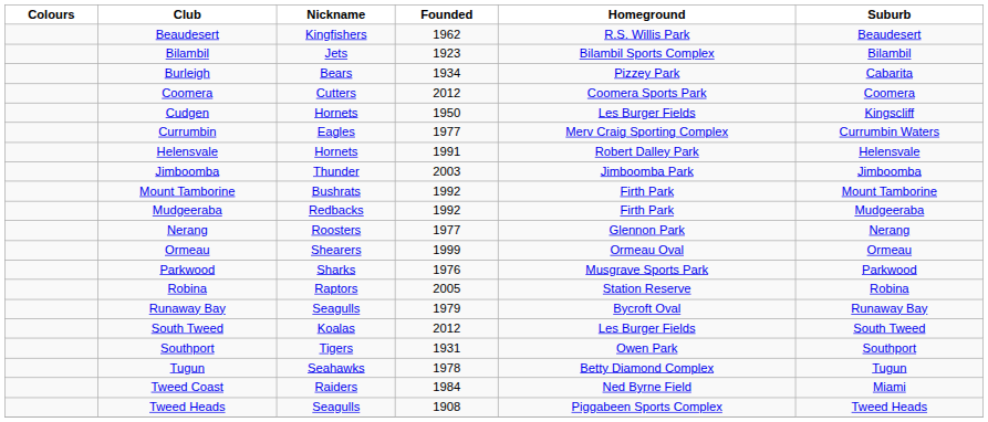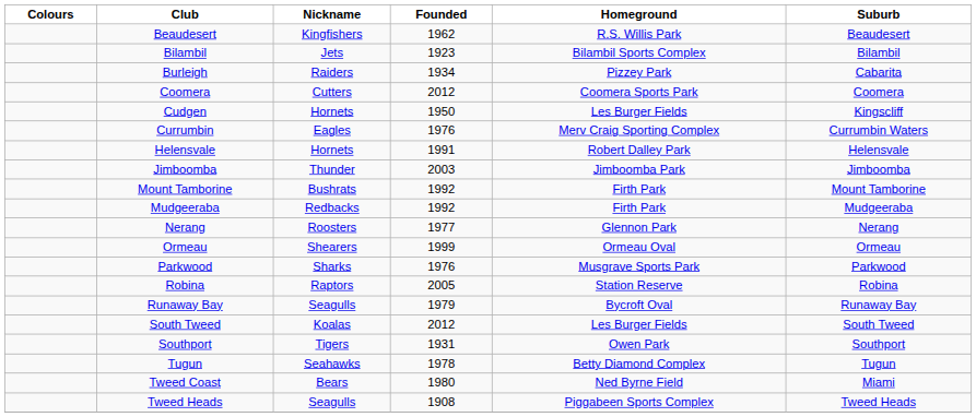 <table class="wikitable" style="width:100%; text-align:center">
 <tr>
 <th style="background:white;">Colours</th>
 <th style="background:white;">Club</th>
 <th style="background:white;">Nickname</th>
 <th style="background:white;">Founded</th>
 <th style="background:white;">Homeground</th>
 <th style="background:white;">Suburb</th>
 </tr>
 <tr>
 <td align=left></td>
 <td><a href='#'>Beaudesert</a></td>
 <td><a href='#'>Kingfishers</a></td>
 <td>1962</td>
 <td><a href='#'>R.S. Willis Park</a></td>
 <td><a href='#'>Beaudesert</a></td>
 </tr>
 <tr>
 <td align=left></td>
 <td><a href='#'>Bilambil</a></td>
 <td><a href='#'>Jets</a></td>
 <td>1923</td>
 <td><a href='#'>Bilambil Sports Complex</a></td>
 <td><a href='#'>Bilambil</a></td>
 </tr>
 <tr>
 <td align=left></td>
 <td><a href='#'>Burleigh</a></td>
-<td><a href='#'>Bears</a></td>
+<td><a href='#'>Raiders</a></td>
 <td>1934</td>
 <td><a href='#'>Pizzey Park</a></td>
 <td><a href='#'>Cabarita</a></td>
 </tr>
 <tr>
 <td align=left></td>
 <td><a href='#'>Coomera</a></td>
 <td><a href='#'>Cutters</a></td>
 <td>2012</td>
 <td><a href='#'>Coomera Sports Park</a></td>
 <td><a href='#'>Coomera</a></td>
 </tr>
 <tr>
 <td align=left></td>
 <td><a href='#'>Cudgen</a></td>
 <td><a href='#'>Hornets</a></td>
 <td>1950</td>
 <td><a href='#'>Les Burger Fields</a></td>
 <td><a href='#'>Kingscliff</a></td>
 </tr>
 <tr>
 <td align=left></td>
 <td><a href='#'>Currumbin</a></td>
 <td><a href='#'>Eagles</a></td>
-<td>1977</td>
+<td>1976</td>
 <td><a href='#'>Merv Craig Sporting Complex</a></td>
 <td><a href='#'>Currumbin Waters</a></td>
 </tr>
 <tr>
 <td align=left></td>
 <td><a href='#'>Helensvale</a></td>
 <td><a href='#'>Hornets</a></td>
 <td>1991</td>
 <td><a href='#'>Robert Dalley Park</a></td>
 <td><a href='#'>Helensvale</a></td>
 </tr>
 <tr>
 <td align=left></td>
 <td><a href='#'>Jimboomba</a></td>
 <td><a href='#'>Thunder</a></td>
 <td>2003</td>
 <td><a href='#'>Jimboomba Park</a></td>
 <td><a href='#'>Jimboomba</a></td>
 </tr>
 <tr>
 <td align=left></td>
 <td><a href='#'>Mount Tamborine</a></td>
 <td><a href='#'>Bushrats</a></td>
 <td>1992</td>
 <td><a href='#'>Firth Park</a></td>
 <td><a href='#'>Mount Tamborine</a></td>
 </tr>
 <tr>
 <td align=left></td>
 <td><a href='#'>Mudgeeraba</a></td>
 <td><a href='#'>Redbacks</a></td>
 <td>1992</td>
 <td><a href='#'>Firth Park</a></td>
 <td><a href='#'>Mudgeeraba</a></td>
 </tr>
 <tr>
 <td align=left></td>
 <td><a href='#'>Nerang</a></td>
 <td><a href='#'>Roosters</a></td>
 <td>1977</td>
 <td><a href='#'>Glennon Park</a></td>
 <td><a href='#'>Nerang</a></td>
 </tr>
 <tr>
 <td align=left></td>
 <td><a href='#'>Ormeau</a></td>
 <td><a href='#'>Shearers</a></td>
 <td>1999</td>
 <td><a href='#'>Ormeau Oval</a></td>
 <td><a href='#'>Ormeau</a></td>
 </tr>
 <tr>
 <td align=left></td>
 <td><a href='#'>Parkwood</a></td>
 <td><a href='#'>Sharks</a></td>
 <td>1976</td>
 <td><a href='#'>Musgrave Sports Park</a></td>
 <td><a href='#'>Parkwood</a></td>
 </tr>
 <tr>
 <td align=left></td>
 <td><a href='#'>Robina</a></td>
 <td><a href='#'>Raptors</a></td>
 <td>2005</td>
 <td><a href='#'>Station Reserve</a></td>
 <td><a href='#'>Robina</a></td>
 </tr>
 <tr>
 <td align=left></td>
 <td><a href='#'>Runaway Bay</a></td>
 <td><a href='#'>Seagulls</a></td>
 <td>1979</td>
 <td><a href='#'>Bycroft Oval</a></td>
 <td><a href='#'>Runaway Bay</a></td>
 </tr>
 <tr>
 <td align=left></td>
 <td><a href='#'>South Tweed</a></td>
 <td><a href='#'>Koalas</a></td>
 <td>2012</td>
 <td><a href='#'>Les Burger Fields</a></td>
 <td><a href='#'>South Tweed</a></td>
 </tr>
 <tr>
 <td align=left></td>
 <td><a href='#'>Southport</a></td>
 <td><a href='#'>Tigers</a></td>
 <td>1931</td>
 <td><a href='#'>Owen Park</a></td>
 <td><a href='#'>Southport</a></td>
 </tr>
 <tr>
 <td align=left></td>
 <td><a href='#'>Tugun</a></td>
 <td><a href='#'>Seahawks</a></td>
 <td>1978</td>
 <td><a href='#'>Betty Diamond Complex</a></td>
 <td><a href='#'>Tugun</a></td>
 </tr>
 <tr>
 <td align=left></td>
 <td><a href='#'>Tweed Coast</a></td>
-<td><a href='#'>Raiders</a></td>
-<td>1984</td>
+<td><a href='#'>Bears</a></td>
+<td>1980</td>
 <td><a href='#'>Ned Byrne Field</a></td>
 <td><a href='#'>Miami</a></td>
 </tr>
 <tr>
 <td align=left></td>
 <td><a href='#'>Tweed Heads</a></td>
 <td><a href='#'>Seagulls</a></td>
 <td>1908</td>
 <td><a href='#'>Piggabeen Sports Complex</a></td>
 <td><a href='#'>Tweed Heads</a></td>
 </tr>
 <tr>
 </tr>
 </table>
